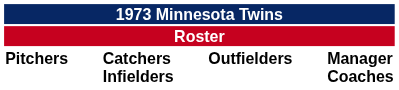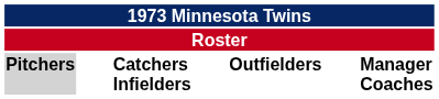 <table class="toccolours" style="font-size: 95%;">
 <tr>
 <th colspan="10" style="background-color: #072764; color: white; text-align: center;">1973 Minnesota Twins</th>
 </tr>
 <tr>
 <td colspan="10" style="background-color: #c6011f; color: white; text-align: center;"><strong>Roster</strong></td>
 </tr>
 <tr>
-<td valign="top"><strong>Pitchers</strong><br>            </td>
+<td valign="top" style="background: lightgrey;"><strong>Pitchers</strong><br>            </td>
 <td width="25px"></td>
 <td valign="top"><strong>Catchers</strong><br>   <strong>Infielders</strong>          </td>
 <td width="25px"></td>
 <td valign="top"><strong>Outfielders</strong><br>      </td>
 <td width="25px"></td>
 <td valign="top"><strong>Manager</strong><br> <strong>Coaches</strong>    </td>
 </tr>
 <tr>
 </tr>
 </table>
